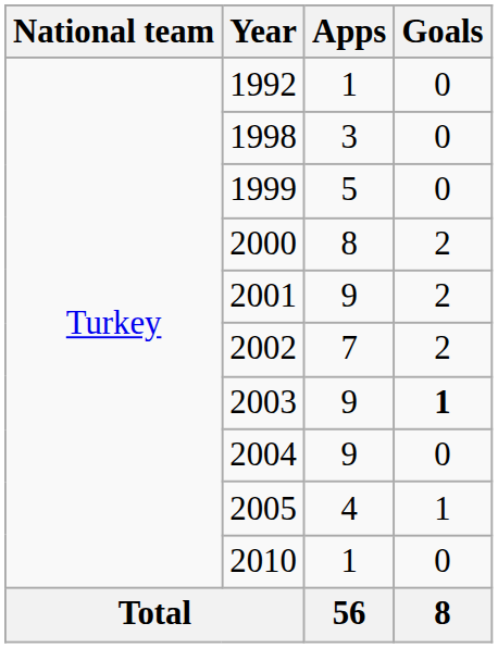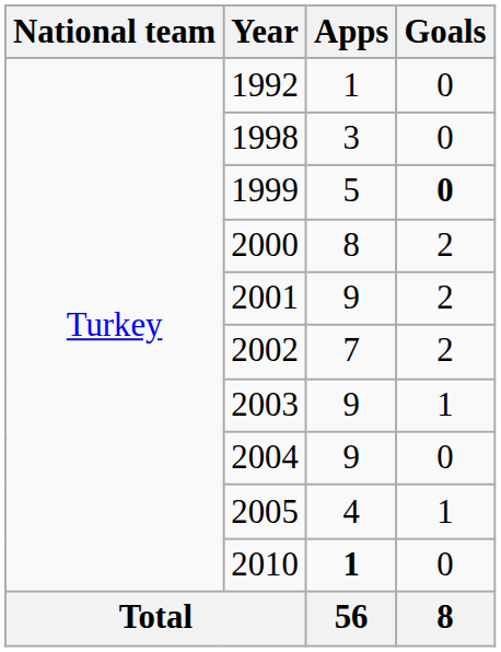 <table class="wikitable" style="text-align:center">
 <tr>
 <th>National team</th>
 <th>Year</th>
 <th>Apps</th>
 <th>Goals</th>
 </tr>
 <tr>
 <td rowspan="10"><a href='#'>Turkey</a></td>
 <td>1992</td>
 <td>1</td>
 <td>0</td>
 </tr>
 <tr>
 <td>1998</td>
 <td>3</td>
 <td>0</td>
 </tr>
 <tr>
 <td>1999</td>
 <td>5</td>
-<td>0</td>
+<td><strong>0</strong></td>
 </tr>
 <tr>
 <td>2000</td>
 <td>8</td>
 <td>2</td>
 </tr>
 <tr>
 <td>2001</td>
 <td>9</td>
 <td>2</td>
 </tr>
 <tr>
 <td>2002</td>
 <td>7</td>
 <td>2</td>
 </tr>
 <tr>
 <td>2003</td>
 <td>9</td>
-<td><strong>1</strong></td>
+<td>1</td>
 </tr>
 <tr>
 <td>2004</td>
 <td>9</td>
 <td>0</td>
 </tr>
 <tr>
 <td>2005</td>
 <td>4</td>
 <td>1</td>
 </tr>
 <tr>
 <td>2010</td>
-<td>1</td>
+<td><strong>1</strong></td>
 <td>0</td>
 </tr>
 <tr>
 <th colspan="2">Total</th>
 <th>56</th>
 <th>8</th>
 </tr>
 </table>
